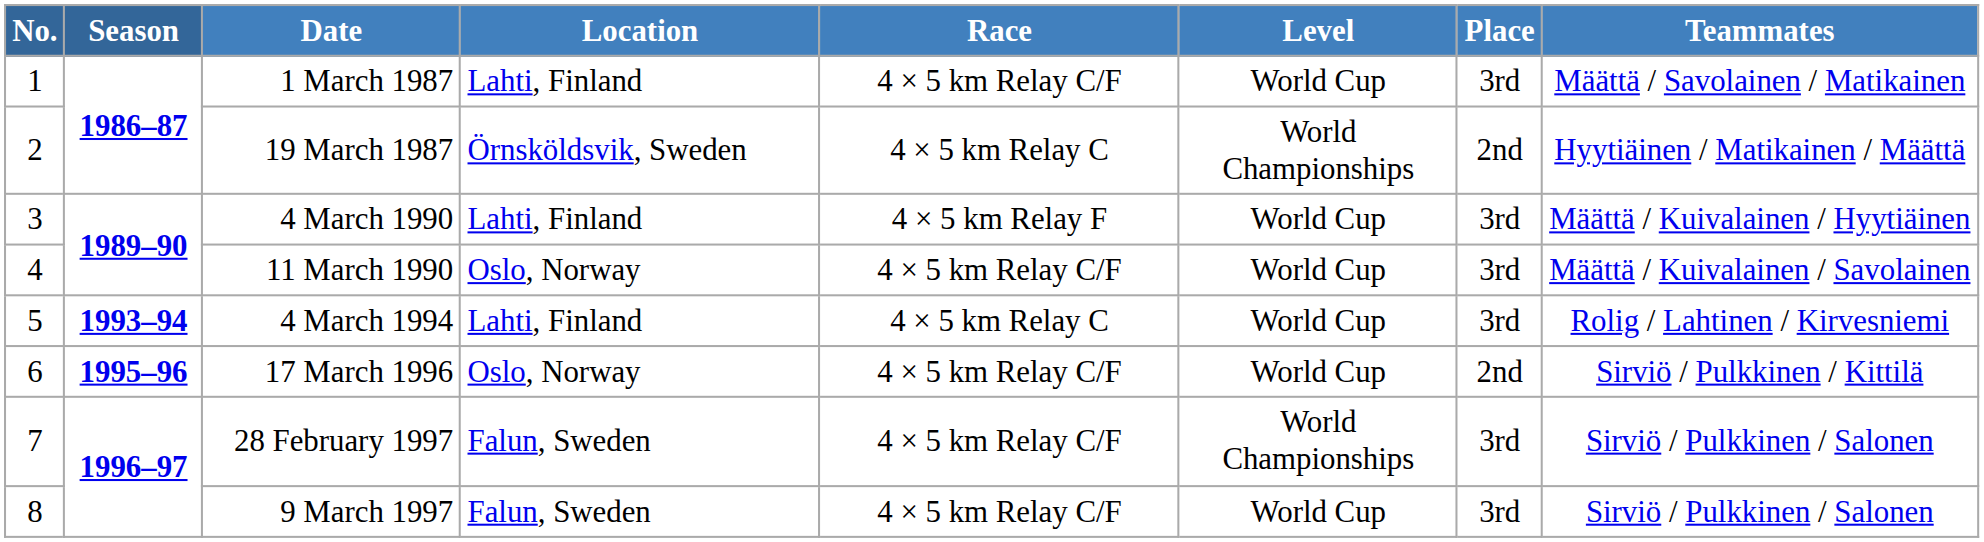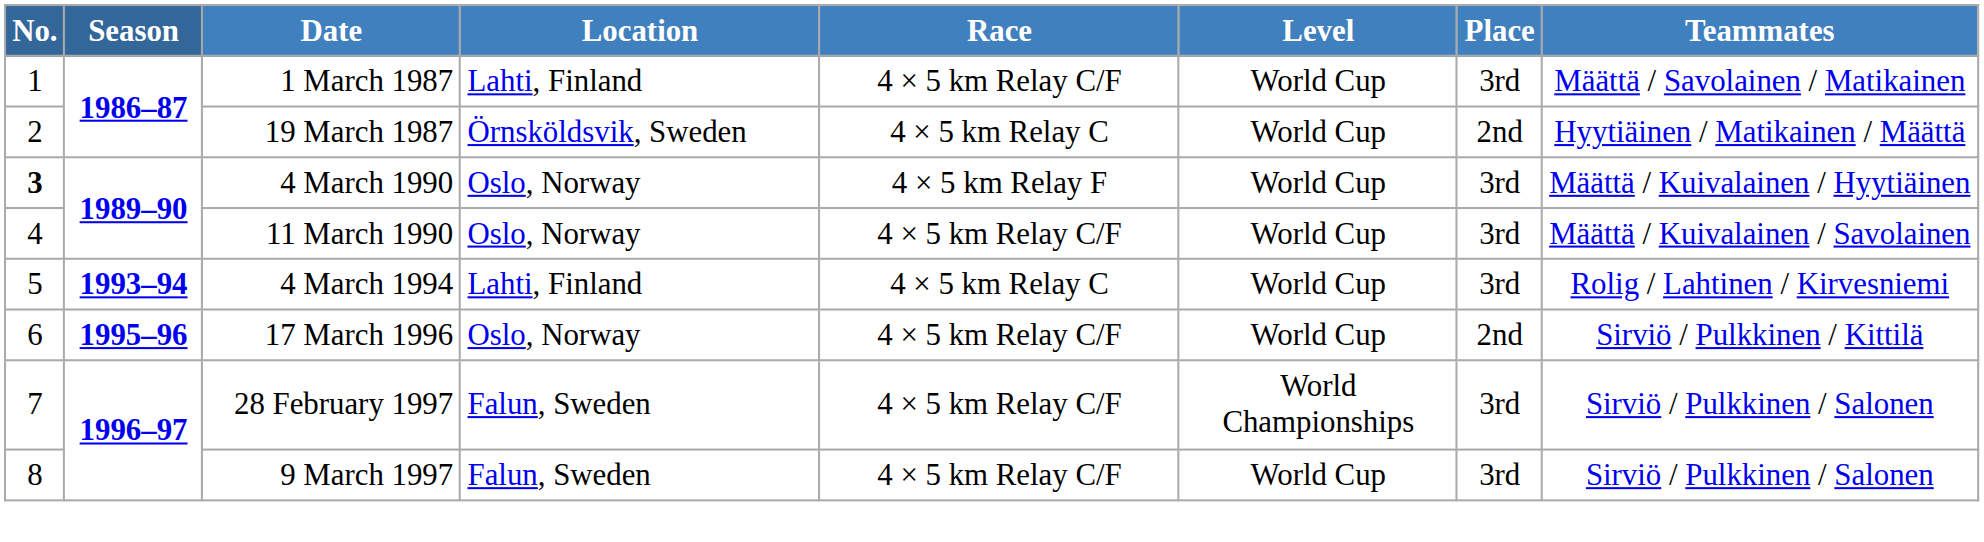 <table class="wikitable sortable" style="font-size:95%; text-align:center; border:grey solid 1px; border-collapse:collapse; background:#ffffff;">
 <tr style="background:#efefef;">
 <th style="background-color:#369; color:white;">No.</th>
 <th style="background-color:#369; color:white;">Season</th>
 <th style="background-color:#4180be; color:white; width:120px;">Date</th>
 <th style="background-color:#4180be; color:white; width:170px;">Location</th>
 <th style="background-color:#4180be; color:white; width:170px;">Race</th>
 <th style="background-color:#4180be; color:white; width:130px;">Level</th>
 <th style="background-color:#4180be; color:white;">Place</th>
 <th style="background-color:#4180be; color:white;">Teammates</th>
 </tr>
 <tr>
 <td align=center>1</td>
 <td rowspan=2 align=center><strong> <a href='#'>1986–87</a> </strong></td>
 <td align=right>1 March 1987</td>
 <td align=left> <a href='#'>Lahti</a>, Finland</td>
 <td>4 × 5 km Relay C/F</td>
 <td>World Cup</td>
 <td>3rd</td>
 <td><a href='#'>Määttä</a> / <a href='#'>Savolainen</a> / <a href='#'>Matikainen</a></td>
 </tr>
 <tr>
 <td align=center>2</td>
 <td align=right>19 March 1987</td>
 <td align=left> <a href='#'>Örnsköldsvik</a>, Sweden</td>
 <td>4 × 5 km Relay C</td>
-<td>World Championships</td>
+<td>World Cup</td>
 <td>2nd</td>
 <td><a href='#'>Hyytiäinen</a> / <a href='#'>Matikainen</a> / <a href='#'>Määttä</a></td>
 </tr>
 <tr>
-<td align=center>3</td>
+<td align=center><strong>3</strong></td>
 <td rowspan=2 align=center><strong> <a href='#'>1989–90</a> </strong></td>
 <td align=right>4 March 1990</td>
-<td align=left> <a href='#'>Lahti</a>, Finland</td>
+<td align=left> <a href='#'>Oslo</a>, Norway</td>
 <td>4 × 5 km Relay F</td>
 <td>World Cup</td>
 <td>3rd</td>
 <td><a href='#'>Määttä</a> / <a href='#'>Kuivalainen</a> / <a href='#'>Hyytiäinen</a></td>
 </tr>
 <tr>
 <td align=center>4</td>
 <td align=right>11 March 1990</td>
 <td align=left> <a href='#'>Oslo</a>, Norway</td>
 <td>4 × 5 km Relay C/F</td>
 <td>World Cup</td>
 <td>3rd</td>
 <td><a href='#'>Määttä</a> / <a href='#'>Kuivalainen</a> / <a href='#'>Savolainen</a></td>
 </tr>
 <tr>
 <td align=center>5</td>
 <td rowspan=1 align=center><strong> <a href='#'>1993–94</a> </strong></td>
 <td align=right>4 March 1994</td>
 <td align=left> <a href='#'>Lahti</a>, Finland</td>
 <td>4 × 5 km Relay C</td>
 <td>World Cup</td>
 <td>3rd</td>
 <td><a href='#'>Rolig</a> / <a href='#'>Lahtinen</a> / <a href='#'>Kirvesniemi</a></td>
 </tr>
 <tr>
 <td align=center>6</td>
 <td rowspan=1 align=center><strong> <a href='#'>1995–96</a> </strong></td>
 <td align=right>17 March 1996</td>
 <td align=left> <a href='#'>Oslo</a>, Norway</td>
 <td>4 × 5 km Relay C/F</td>
 <td>World Cup</td>
 <td>2nd</td>
 <td><a href='#'>Sirviö</a> / <a href='#'>Pulkkinen</a> / <a href='#'>Kittilä</a></td>
 </tr>
 <tr>
 <td align=center>7</td>
 <td rowspan=2 align=center><strong> <a href='#'>1996–97</a> </strong></td>
 <td align=right>28 February 1997</td>
 <td align=left> <a href='#'>Falun</a>, Sweden</td>
 <td>4 × 5 km Relay C/F</td>
 <td>World Championships</td>
 <td>3rd</td>
 <td><a href='#'>Sirviö</a> / <a href='#'>Pulkkinen</a> / <a href='#'>Salonen</a></td>
 </tr>
 <tr>
 <td align=center>8</td>
 <td align=right>9 March 1997</td>
 <td align=left> <a href='#'>Falun</a>, Sweden</td>
 <td>4 × 5 km Relay C/F</td>
 <td>World Cup</td>
 <td>3rd</td>
 <td><a href='#'>Sirviö</a> / <a href='#'>Pulkkinen</a> / <a href='#'>Salonen</a></td>
 </tr>
 </table>
